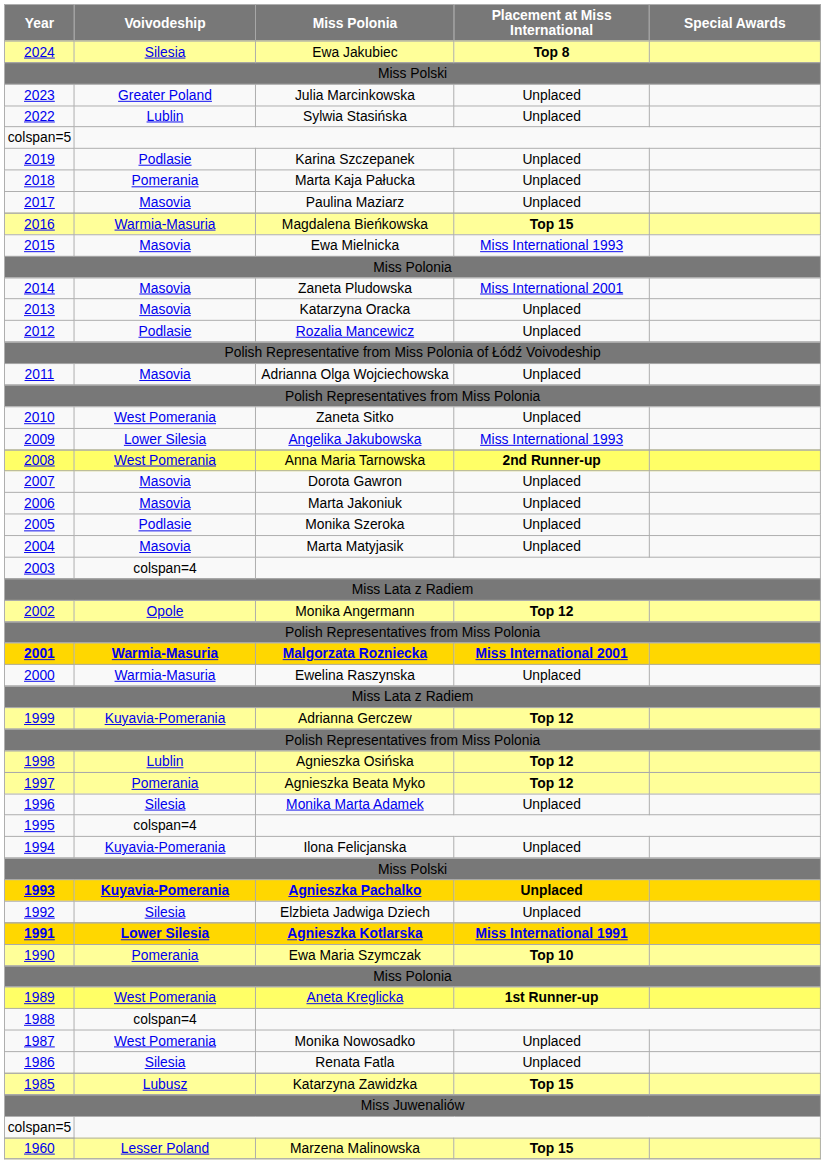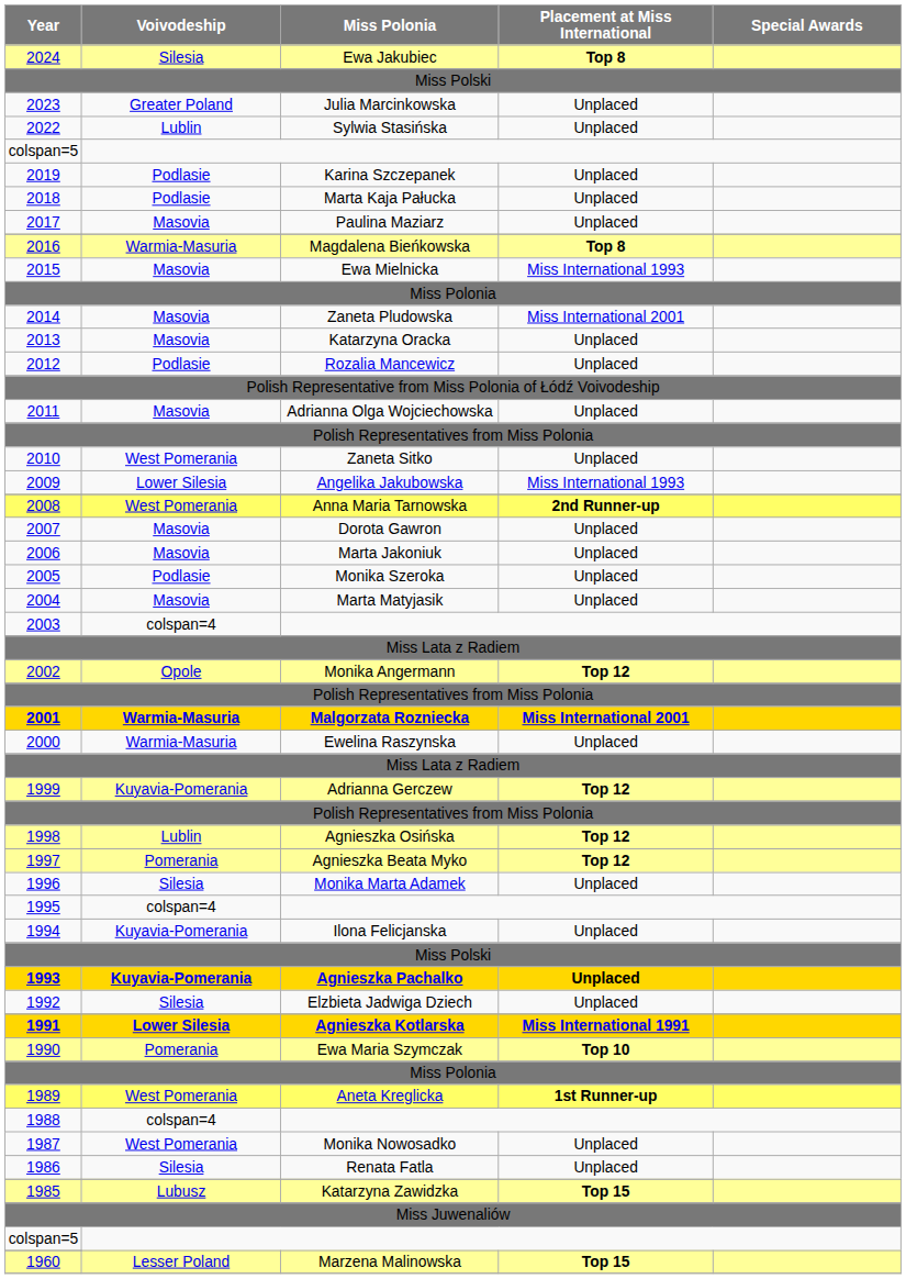 <table class="wikitable" style="font-size: 92%; text-align:center">
 <tr>
 <th width="60" style="background-color:#787878;color:#FFFFFF;">Year</th>
 <th width="230" style="background-color:#787878;color:#FFFFFF;">Voivodeship</th>
 <th width="250" style="background-color:#787878;color:#FFFFFF;">Miss Polonia</th>
 <th width="250" style="background-color:#787878;color:#FFFFFF;">Placement at Miss International</th>
 <th width="230" style="background-color:#787878;color:#FFFFFF;">Special Awards</th>
 </tr>
 <tr style="background-color:#FFFF99;">
 <td><a href='#'>2024</a></td>
 <td><a href='#'>Silesia</a></td>
 <td>Ewa Jakubiec</td>
 <td><strong>Top 8</strong></td>
 <td></td>
 </tr>
 <tr bgcolor="#787878" align="center">
 <td colspan="5"><span>Miss Polski</span></td>
 </tr>
 <tr>
 <td><a href='#'>2023</a></td>
 <td><a href='#'>Greater Poland</a></td>
 <td>Julia Marcinkowska</td>
 <td>Unplaced</td>
 <td></td>
 </tr>
 <tr>
 <td><a href='#'>2022</a></td>
 <td><a href='#'>Lublin</a></td>
 <td>Sylwia Stasińska</td>
 <td>Unplaced</td>
 <td></td>
 </tr>
 <tr>
 <td>colspan=5 </td>
 </tr>
 <tr>
 <td><a href='#'>2019</a></td>
 <td><a href='#'>Podlasie</a></td>
 <td>Karina Szczepanek</td>
 <td>Unplaced</td>
 <td></td>
 </tr>
 <tr>
 <td><a href='#'>2018</a></td>
-<td><a href='#'>Pomerania</a></td>
+<td><a href='#'>Podlasie</a></td>
 <td>Marta Kaja Pałucka</td>
 <td>Unplaced</td>
 <td></td>
 </tr>
 <tr>
 <td><a href='#'>2017</a></td>
 <td><a href='#'>Masovia</a></td>
 <td>Paulina Maziarz</td>
 <td>Unplaced</td>
 <td></td>
 </tr>
 <tr>
 </tr>
 <tr style="background-color:#FFFF99;">
 <td><a href='#'>2016</a></td>
 <td><a href='#'>Warmia-Masuria</a></td>
 <td>Magdalena Bieńkowska</td>
-<td><strong>Top 15</strong></td>
+<td><strong>Top 8</strong></td>
 <td></td>
 </tr>
 <tr>
 <td><a href='#'>2015</a></td>
 <td><a href='#'>Masovia</a></td>
 <td>Ewa Mielnicka</td>
 <td><a href='#'>Miss International 1993</a></td>
 <td></td>
 </tr>
 <tr bgcolor="#787878" align="center">
 <td colspan="5"><span>Miss Polonia</span></td>
 </tr>
 <tr>
 <td><a href='#'>2014</a></td>
 <td><a href='#'>Masovia</a></td>
 <td>Zaneta Pludowska</td>
 <td><a href='#'>Miss International 2001</a></td>
 <td></td>
 </tr>
 <tr>
 <td><a href='#'>2013</a></td>
 <td><a href='#'>Masovia</a></td>
 <td>Katarzyna Oracka</td>
 <td>Unplaced</td>
 <td></td>
 </tr>
 <tr>
 <td><a href='#'>2012</a></td>
 <td><a href='#'>Podlasie</a></td>
 <td><a href='#'>Rozalia Mancewicz</a></td>
 <td>Unplaced</td>
 <td></td>
 </tr>
 <tr>
 </tr>
 <tr bgcolor="#787878" align="center">
 <td colspan="5"><span>Polish Representative from Miss Polonia of Łódź Voivodeship</span></td>
 </tr>
 <tr>
 <td><a href='#'>2011</a></td>
 <td><a href='#'>Masovia</a></td>
 <td>Adrianna Olga Wojciechowska</td>
 <td>Unplaced</td>
 <td></td>
 </tr>
 <tr>
 </tr>
 <tr bgcolor="#787878" align="center">
 <td colspan="5"><span>Polish Representatives from Miss Polonia</span></td>
 </tr>
 <tr>
 <td><a href='#'>2010</a></td>
 <td><a href='#'>West Pomerania</a></td>
 <td>Zaneta Sitko</td>
 <td>Unplaced</td>
 <td></td>
 </tr>
 <tr>
 <td><a href='#'>2009</a></td>
 <td><a href='#'>Lower Silesia</a></td>
 <td><a href='#'>Angelika Jakubowska</a></td>
 <td><a href='#'>Miss International 1993</a></td>
 <td></td>
 </tr>
 <tr>
 </tr>
 <tr style="background-color:#FFFF66;">
 <td><a href='#'>2008</a></td>
 <td><a href='#'>West Pomerania</a></td>
 <td>Anna Maria Tarnowska</td>
 <td><strong>2nd Runner-up</strong></td>
 <td></td>
 </tr>
 <tr>
 <td><a href='#'>2007</a></td>
 <td><a href='#'>Masovia</a></td>
 <td>Dorota Gawron</td>
 <td>Unplaced</td>
 <td></td>
 </tr>
 <tr>
 <td><a href='#'>2006</a></td>
 <td><a href='#'>Masovia</a></td>
 <td>Marta Jakoniuk</td>
 <td>Unplaced</td>
 <td></td>
 </tr>
 <tr>
 <td><a href='#'>2005</a></td>
 <td><a href='#'>Podlasie</a></td>
 <td>Monika Szeroka</td>
 <td>Unplaced</td>
 <td></td>
 </tr>
 <tr>
 <td><a href='#'>2004</a></td>
 <td><a href='#'>Masovia</a></td>
 <td>Marta Matyjasik</td>
 <td>Unplaced</td>
 <td></td>
 </tr>
 <tr>
 <td><a href='#'>2003</a></td>
 <td>colspan=4 </td>
 </tr>
 <tr>
 </tr>
 <tr bgcolor="#787878" align="center">
 <td colspan="5"><span>Miss Lata z Radiem</span></td>
 </tr>
 <tr>
 </tr>
 <tr style="background-color:#FFFF99;">
 <td><a href='#'>2002</a></td>
 <td><a href='#'>Opole</a></td>
 <td>Monika Angermann</td>
 <td><strong>Top 12</strong></td>
 <td></td>
 </tr>
 <tr>
 </tr>
 <tr bgcolor="#787878" align="center">
 <td colspan="5"><span>Polish Representatives from Miss Polonia</span></td>
 </tr>
 <tr>
 </tr>
 <tr style="background-color:gold; font-weight: bold">
 <td><a href='#'>2001</a></td>
 <td><a href='#'>Warmia-Masuria</a></td>
 <td><a href='#'>Malgorzata Rozniecka</a></td>
 <td><a href='#'>Miss International 2001</a></td>
 <td></td>
 </tr>
 <tr>
 <td><a href='#'>2000</a></td>
 <td><a href='#'>Warmia-Masuria</a></td>
 <td>Ewelina Raszynska</td>
 <td>Unplaced</td>
 <td></td>
 </tr>
 <tr>
 </tr>
 <tr bgcolor="#787878" align="center">
 <td colspan="5"><span>Miss Lata z Radiem</span></td>
 </tr>
 <tr>
 </tr>
 <tr style="background-color:#FFFF99;">
 <td><a href='#'>1999</a></td>
 <td><a href='#'>Kuyavia-Pomerania</a></td>
 <td>Adrianna Gerczew</td>
 <td><strong>Top 12</strong></td>
 <td></td>
 </tr>
 <tr>
 </tr>
 <tr bgcolor="#787878" align="center">
 <td colspan="5"><span>Polish Representatives from Miss Polonia</span></td>
 </tr>
 <tr>
 </tr>
 <tr style="background-color:#FFFF99;">
 <td><a href='#'>1998</a></td>
 <td><a href='#'>Lublin</a></td>
 <td>Agnieszka Osińska</td>
 <td><strong>Top 12</strong></td>
 <td></td>
 </tr>
 <tr>
 </tr>
 <tr style="background-color:#FFFF99;">
 <td><a href='#'>1997</a></td>
 <td><a href='#'>Pomerania</a></td>
 <td>Agnieszka Beata Myko</td>
 <td><strong>Top 12</strong></td>
 <td></td>
 </tr>
 <tr>
 <td><a href='#'>1996</a></td>
 <td><a href='#'>Silesia</a></td>
 <td><a href='#'>Monika Marta Adamek</a></td>
 <td>Unplaced</td>
 <td></td>
 </tr>
 <tr>
 <td><a href='#'>1995</a></td>
 <td>colspan=4 </td>
 </tr>
 <tr>
 <td><a href='#'>1994</a></td>
 <td><a href='#'>Kuyavia-Pomerania</a></td>
 <td>Ilona Felicjanska</td>
 <td>Unplaced</td>
 <td></td>
 </tr>
 <tr>
 </tr>
 <tr bgcolor="#787878" align="center">
 <td colspan="5"><span>Miss Polski</span></td>
 </tr>
 <tr>
 </tr>
 <tr style="background-color:gold; font-weight: bold">
 <td><a href='#'>1993</a></td>
 <td><a href='#'>Kuyavia-Pomerania</a></td>
 <td><a href='#'>Agnieszka Pachalko</a></td>
 <td>Unplaced</td>
 <td></td>
 </tr>
 <tr>
 <td><a href='#'>1992</a></td>
 <td><a href='#'>Silesia</a></td>
 <td>Elzbieta Jadwiga Dziech</td>
 <td>Unplaced</td>
 <td></td>
 </tr>
 <tr>
 </tr>
 <tr style="background-color:gold; font-weight: bold">
 <td><a href='#'>1991</a></td>
 <td><a href='#'>Lower Silesia</a></td>
 <td><a href='#'>Agnieszka Kotlarska</a></td>
 <td><a href='#'>Miss International 1991</a></td>
 <td></td>
 </tr>
 <tr>
 </tr>
 <tr style="background-color:#FFFF99;">
 <td><a href='#'>1990</a></td>
 <td><a href='#'>Pomerania</a></td>
 <td>Ewa Maria Szymczak</td>
 <td><strong>Top 10</strong></td>
 <td></td>
 </tr>
 <tr>
 </tr>
 <tr bgcolor="#787878" align="center">
 <td colspan="5"><span>Miss Polonia</span></td>
 </tr>
 <tr>
 </tr>
 <tr style="background-color:#FFFF66;">
 <td><a href='#'>1989</a></td>
 <td><a href='#'>West Pomerania</a></td>
 <td><a href='#'>Aneta Kreglicka</a></td>
 <td><strong>1st Runner-up</strong></td>
 <td></td>
 </tr>
 <tr>
 <td><a href='#'>1988</a></td>
 <td>colspan=4 </td>
 </tr>
 <tr>
 <td><a href='#'>1987</a></td>
 <td><a href='#'>West Pomerania</a></td>
 <td>Monika Nowosadko</td>
 <td>Unplaced</td>
 <td></td>
 </tr>
 <tr>
 <td><a href='#'>1986</a></td>
 <td><a href='#'>Silesia</a></td>
 <td>Renata Fatla</td>
 <td>Unplaced</td>
 </tr>
 <tr>
 </tr>
 <tr style="background-color:#FFFF99;">
 <td><a href='#'>1985</a></td>
 <td><a href='#'>Lubusz</a></td>
 <td>Katarzyna Zawidzka</td>
 <td><strong>Top 15</strong></td>
 <td></td>
 </tr>
 <tr>
 </tr>
 <tr bgcolor="#787878" align="center">
 <td colspan="5"><span>Miss Juwenaliów</span></td>
 </tr>
 <tr>
 <td>colspan=5 </td>
 </tr>
 <tr>
 </tr>
 <tr style="background-color:#FFFF99;">
 <td><a href='#'>1960</a></td>
 <td><a href='#'>Lesser Poland</a></td>
 <td>Marzena Malinowska</td>
 <td><strong>Top 15</strong></td>
 <td></td>
 </tr>
 <tr>
 </tr>
 </table>
